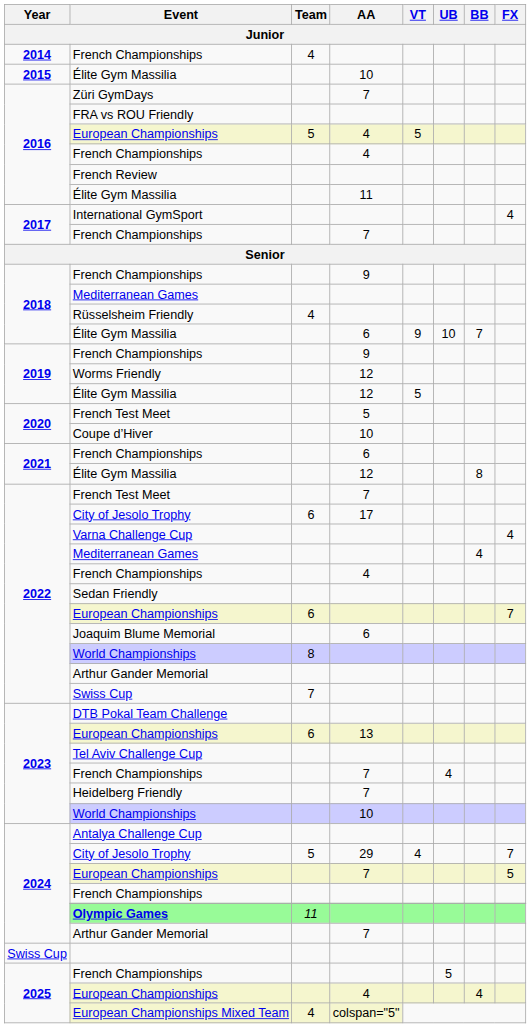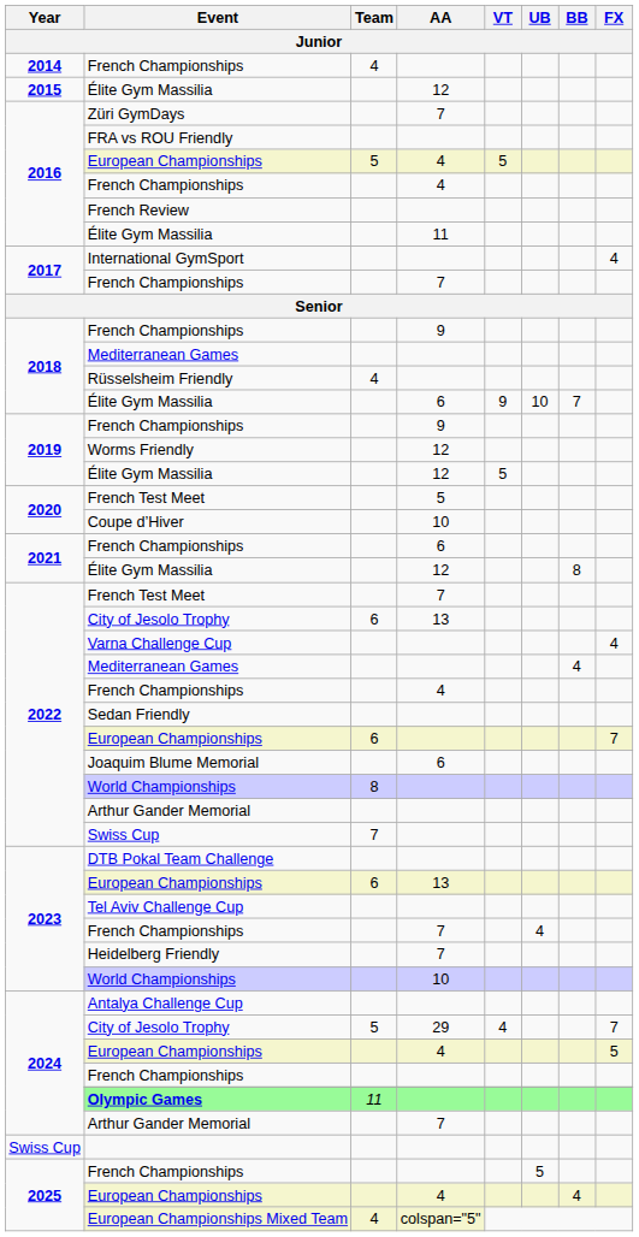 <table class="wikitable" style="text-align:center; font-size:95%;">
 <tr>
 <th align="center">Year</th>
 <th align="center">Event</th>
 <th style="width:30px;">Team</th>
 <th style="width:30px;">AA</th>
 <th style="width:30px;"><a href='#'>VT</a></th>
 <th style="width:30px;"><a href='#'>UB</a></th>
 <th style="width:30px;"><a href='#'>BB</a></th>
 <th style="width:30px;"><a href='#'>FX</a></th>
 </tr>
 <tr>
 <th colspan="8">Junior</th>
 </tr>
 <tr>
 <td rowspan="1"><strong><a href='#'>2014</a></strong></td>
 <td align=left>French Championships</td>
 <td>4</td>
 <td></td>
 <td></td>
 <td></td>
 <td></td>
 <td></td>
 </tr>
 <tr>
 <td rowspan="1"><strong><a href='#'>2015</a></strong></td>
 <td align=left>Élite Gym Massilia</td>
 <td></td>
-<td>10</td>
+<td>12</td>
 <td></td>
 <td></td>
 <td></td>
 <td></td>
 </tr>
 <tr>
 <td rowspan="6"><strong><a href='#'>2016</a></strong></td>
 <td align=left>Züri GymDays</td>
 <td></td>
 <td>7</td>
 <td></td>
 <td></td>
 <td></td>
 <td></td>
 </tr>
 <tr>
 <td align=left>FRA vs ROU Friendly</td>
 <td></td>
 <td></td>
 <td></td>
 <td></td>
 <td></td>
 <td></td>
 </tr>
 <tr bgcolor=#F5F6CE>
 <td align=left><a href='#'>European Championships</a></td>
 <td>5</td>
 <td>4</td>
 <td>5</td>
 <td></td>
 <td></td>
 <td></td>
 </tr>
 <tr>
 <td align=left>French Championships</td>
 <td></td>
 <td>4</td>
 <td></td>
 <td></td>
 <td></td>
 <td></td>
 </tr>
 <tr>
 <td align=left>French Review</td>
 <td></td>
 <td></td>
 <td></td>
 <td></td>
 <td></td>
 <td></td>
 </tr>
 <tr>
 <td align=left>Élite Gym Massilia</td>
 <td></td>
 <td>11</td>
 <td></td>
 <td></td>
 <td></td>
 <td></td>
 </tr>
 <tr>
 <td rowspan="2"><strong><a href='#'>2017</a></strong></td>
 <td align=left>International GymSport</td>
 <td></td>
 <td></td>
 <td></td>
 <td></td>
 <td></td>
 <td>4</td>
 </tr>
 <tr>
 <td align=left>French Championships</td>
 <td></td>
 <td>7</td>
 <td></td>
 <td></td>
 <td></td>
 <td></td>
 </tr>
 <tr>
 <th colspan="8">Senior</th>
 </tr>
 <tr>
 <td rowspan="4"><strong><a href='#'>2018</a></strong></td>
 <td align=left>French Championships</td>
 <td></td>
 <td>9</td>
 <td></td>
 <td></td>
 <td></td>
 <td></td>
 </tr>
 <tr>
 <td align=left><a href='#'>Mediterranean Games</a></td>
 <td></td>
 <td></td>
 <td></td>
 <td></td>
 <td></td>
 <td></td>
 </tr>
 <tr>
 <td align=left>Rüsselsheim Friendly</td>
 <td>4</td>
 <td></td>
 <td></td>
 <td></td>
 <td></td>
 <td></td>
 </tr>
 <tr>
 <td align=left>Élite Gym Massilia</td>
 <td></td>
 <td>6</td>
 <td>9</td>
 <td>10</td>
 <td>7</td>
 <td></td>
 </tr>
 <tr>
 <td rowspan="3"><strong><a href='#'>2019</a></strong></td>
 <td align=left>French Championships</td>
 <td></td>
 <td>9</td>
 <td></td>
 <td></td>
 <td></td>
 <td></td>
 </tr>
 <tr>
 <td align=left>Worms Friendly</td>
 <td></td>
 <td>12</td>
 <td></td>
 <td></td>
 <td></td>
 <td></td>
 </tr>
 <tr>
 <td align=left>Élite Gym Massilia</td>
 <td></td>
 <td>12</td>
 <td>5</td>
 <td></td>
 <td></td>
 <td></td>
 </tr>
 <tr>
 <td rowspan="2"><strong><a href='#'>2020</a></strong></td>
 <td align=left>French Test Meet</td>
 <td></td>
 <td>5</td>
 <td></td>
 <td></td>
 <td></td>
 <td></td>
 </tr>
 <tr>
 <td align=left>Coupe d’Hiver</td>
 <td></td>
 <td>10</td>
 <td></td>
 <td></td>
 <td></td>
 <td></td>
 </tr>
 <tr>
 <td rowspan="2"><strong><a href='#'>2021</a></strong></td>
 <td align=left>French Championships</td>
 <td></td>
 <td>6</td>
 <td></td>
 <td></td>
 <td></td>
 <td></td>
 </tr>
 <tr>
 <td align=left>Élite Gym Massilia</td>
 <td></td>
 <td>12</td>
 <td></td>
 <td></td>
 <td>8</td>
 <td></td>
 </tr>
 <tr>
 <td rowspan="11"><strong><a href='#'>2022</a></strong></td>
 <td align=left>French Test Meet</td>
 <td></td>
 <td>7</td>
 <td></td>
 <td></td>
 <td></td>
 <td></td>
 </tr>
 <tr>
 <td align=left><a href='#'>City of Jesolo Trophy</a></td>
 <td>6</td>
-<td>17</td>
+<td>13</td>
 <td></td>
 <td></td>
 <td></td>
 <td></td>
 </tr>
 <tr>
 <td align=left><a href='#'>Varna Challenge Cup</a></td>
 <td></td>
 <td></td>
 <td></td>
 <td></td>
 <td></td>
 <td>4</td>
 </tr>
 <tr>
 <td align=left><a href='#'>Mediterranean Games</a></td>
 <td></td>
 <td></td>
 <td></td>
 <td></td>
 <td>4</td>
 <td></td>
 </tr>
 <tr>
 <td align=left>French Championships</td>
 <td></td>
 <td>4</td>
 <td></td>
 <td></td>
 <td></td>
 <td></td>
 </tr>
 <tr>
 <td align=left>Sedan Friendly</td>
 <td></td>
 <td></td>
 <td></td>
 <td></td>
 <td></td>
 <td></td>
 </tr>
 <tr bgcolor=#F5F6CE>
 <td align=left><a href='#'>European Championships</a></td>
 <td>6</td>
 <td></td>
 <td></td>
 <td></td>
 <td></td>
 <td>7</td>
 </tr>
 <tr>
 <td align=left>Joaquim Blume Memorial</td>
 <td></td>
 <td>6</td>
 <td></td>
 <td></td>
 <td></td>
 <td></td>
 </tr>
 <tr bgcolor=#CCCCFF>
 <td align=left><a href='#'>World Championships</a></td>
 <td>8</td>
 <td></td>
 <td></td>
 <td></td>
 <td></td>
 <td></td>
 </tr>
 <tr>
 <td align=left>Arthur Gander Memorial</td>
 <td></td>
 <td></td>
 <td></td>
 <td></td>
 <td></td>
 <td></td>
 </tr>
 <tr>
 <td align=left><a href='#'>Swiss Cup</a></td>
 <td>7</td>
 <td></td>
 <td></td>
 <td></td>
 <td></td>
 <td></td>
 </tr>
 <tr>
 <td rowspan="6"><strong><a href='#'>2023</a></strong></td>
 <td align=left><a href='#'>DTB Pokal Team Challenge</a></td>
 <td></td>
 <td></td>
 <td></td>
 <td></td>
 <td></td>
 <td></td>
 </tr>
 <tr bgcolor=#F5F6CE>
 <td align=left><a href='#'>European Championships</a></td>
 <td>6</td>
 <td>13</td>
 <td></td>
 <td></td>
 <td></td>
 <td></td>
 </tr>
 <tr>
 <td align=left><a href='#'>Tel Aviv Challenge Cup</a></td>
 <td></td>
 <td></td>
 <td></td>
 <td></td>
 <td></td>
 <td></td>
 </tr>
 <tr>
 <td align=left>French Championships</td>
 <td></td>
 <td>7</td>
 <td></td>
 <td>4</td>
 <td></td>
 <td></td>
 </tr>
 <tr>
 <td align=left>Heidelberg Friendly</td>
 <td></td>
 <td>7</td>
 <td></td>
 <td></td>
 <td></td>
 <td></td>
 </tr>
 <tr bgcolor=#CCCCFF>
 <td align=left><a href='#'>World Championships</a></td>
 <td></td>
 <td>10</td>
 <td></td>
 <td></td>
 <td></td>
 <td></td>
 </tr>
 <tr>
 <td rowspan="7"><strong><a href='#'>2024</a></strong></td>
 <td align=left><a href='#'>Antalya Challenge Cup</a></td>
 <td></td>
 <td></td>
 <td></td>
 <td></td>
 <td></td>
 <td></td>
 </tr>
 <tr>
 <td align=left><a href='#'>City of Jesolo Trophy</a></td>
 <td>5</td>
 <td>29</td>
 <td>4</td>
 <td></td>
 <td></td>
 <td>7</td>
 </tr>
 <tr bgcolor=#F5F6CE>
 <td align=left><a href='#'>European Championships</a></td>
 <td></td>
-<td>7</td>
+<td>4</td>
 <td></td>
 <td></td>
 <td></td>
 <td>5</td>
 </tr>
 <tr>
 <td align=left>French Championships</td>
 <td></td>
 <td></td>
 <td></td>
 <td></td>
 <td></td>
 <td></td>
 </tr>
 <tr>
 </tr>
 <tr bgcolor=98FB98>
 <td align=left><strong><a href='#'>Olympic Games</a></strong></td>
 <td><em>11</em></td>
 <td></td>
 <td></td>
 <td></td>
 <td></td>
 <td></td>
 </tr>
 <tr>
 <td align=left>Arthur Gander Memorial</td>
 <td></td>
 <td>7</td>
 <td></td>
 <td></td>
 <td></td>
 <td></td>
 </tr>
 <tr>
 <td align=left><a href='#'>Swiss Cup</a></td>
 <td></td>
 <td></td>
 <td></td>
 <td></td>
 <td></td>
 <td></td>
 </tr>
 <tr>
 <td rowspan="3"><strong><a href='#'>2025</a></strong></td>
 <td align=left>French Championships</td>
 <td></td>
 <td></td>
 <td></td>
 <td>5</td>
 <td></td>
 <td></td>
 </tr>
 <tr bgcolor=#F5F6CE>
 <td align=left><a href='#'>European Championships</a></td>
 <td></td>
 <td>4</td>
 <td></td>
 <td></td>
 <td>4</td>
 <td></td>
 </tr>
 <tr bgcolor=#F5F6CE>
 <td align=left><a href='#'>European Championships Mixed Team</a></td>
 <td>4</td>
 <td>colspan="5" </td>
 </tr>
 </table>
